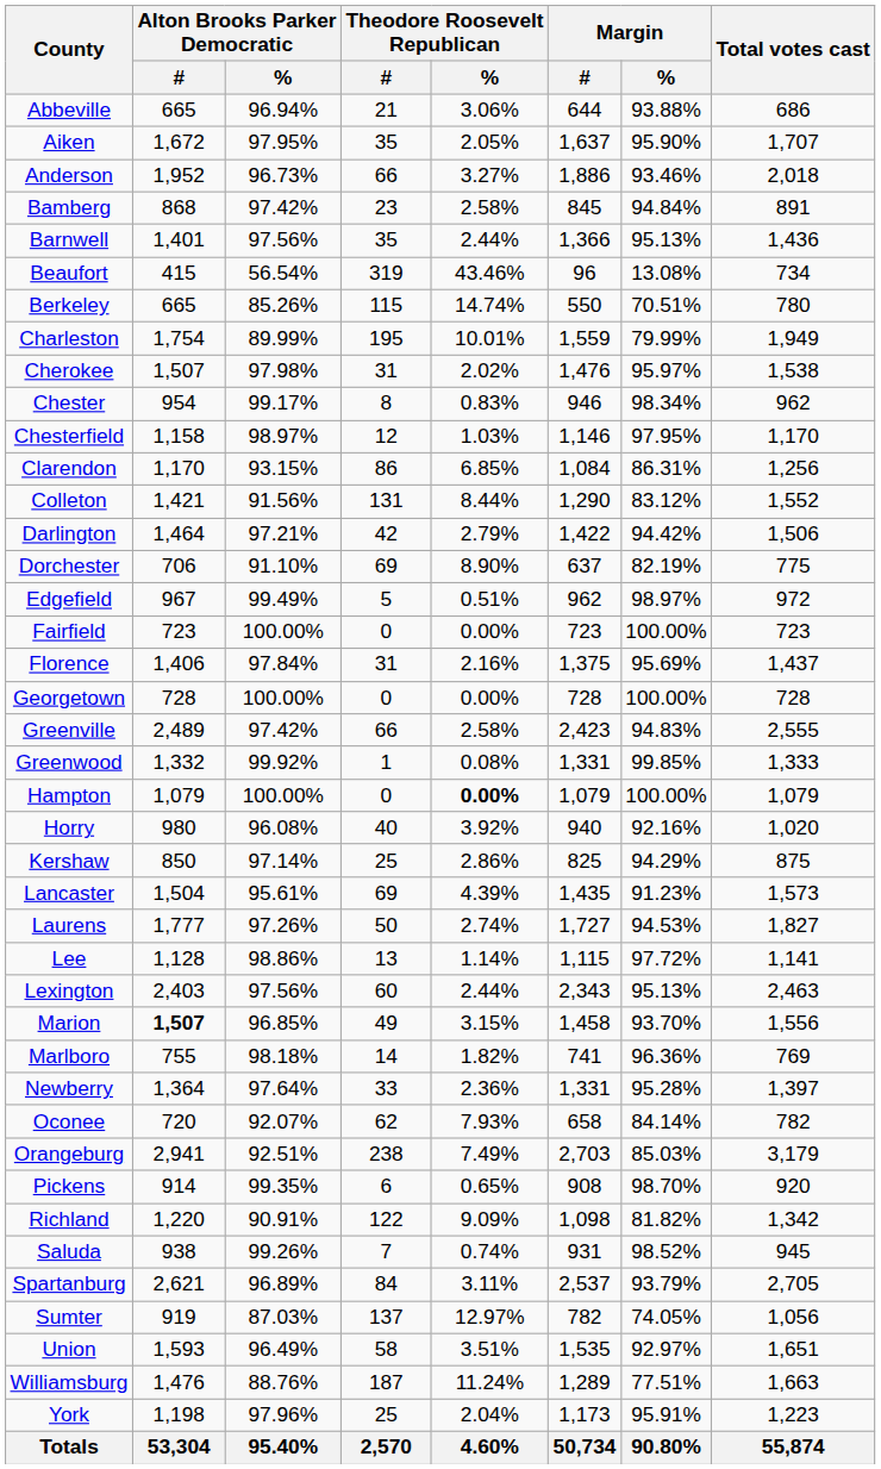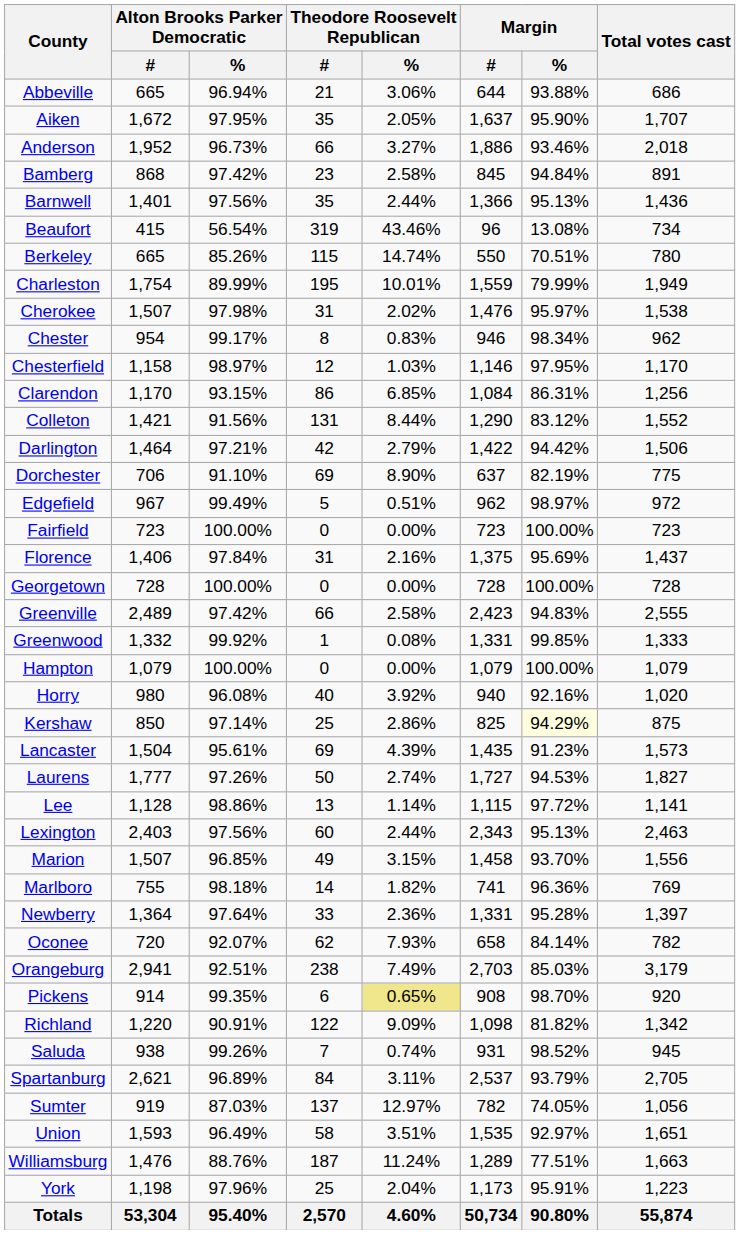 <table class="wikitable sortable mw-collapsible mw-collapsed">
 <tr>
 <th rowspan="2">County</th>
 <th colspan="2">Alton Brooks Parker<br>Democratic</th>
 <th colspan="2">Theodore Roosevelt<br>Republican</th>
 <th colspan="2">Margin</th>
 <th rowspan="2" data-sort-type="number">Total votes cast</th>
 </tr>
 <tr>
 <th data-sort-type="number">#</th>
 <th data-sort-type="number">%</th>
 <th data-sort-type="number">#</th>
 <th data-sort-type="number">%</th>
 <th data-sort-type="number">#</th>
 <th data-sort-type="number">%</th>
 </tr>
 <tr style="text-align:center;">
 <td><a href='#'>Abbeville</a></td>
 <td>665</td>
 <td>96.94%</td>
 <td>21</td>
 <td>3.06%</td>
 <td>644</td>
 <td>93.88%</td>
 <td>686</td>
 </tr>
 <tr style="text-align:center;">
 <td><a href='#'>Aiken</a></td>
 <td>1,672</td>
 <td>97.95%</td>
 <td>35</td>
 <td>2.05%</td>
 <td>1,637</td>
 <td>95.90%</td>
 <td>1,707</td>
 </tr>
 <tr style="text-align:center;">
 <td><a href='#'>Anderson</a></td>
 <td>1,952</td>
 <td>96.73%</td>
 <td>66</td>
 <td>3.27%</td>
 <td>1,886</td>
 <td>93.46%</td>
 <td>2,018</td>
 </tr>
 <tr style="text-align:center;">
 <td><a href='#'>Bamberg</a></td>
 <td>868</td>
 <td>97.42%</td>
 <td>23</td>
 <td>2.58%</td>
 <td>845</td>
 <td>94.84%</td>
 <td>891</td>
 </tr>
 <tr style="text-align:center;">
 <td><a href='#'>Barnwell</a></td>
 <td>1,401</td>
 <td>97.56%</td>
 <td>35</td>
 <td>2.44%</td>
 <td>1,366</td>
 <td>95.13%</td>
 <td>1,436</td>
 </tr>
 <tr style="text-align:center;">
 <td><a href='#'>Beaufort</a></td>
 <td>415</td>
 <td>56.54%</td>
 <td>319</td>
 <td>43.46%</td>
 <td>96</td>
 <td>13.08%</td>
 <td>734</td>
 </tr>
 <tr style="text-align:center;">
 <td><a href='#'>Berkeley</a></td>
 <td>665</td>
 <td>85.26%</td>
 <td>115</td>
 <td>14.74%</td>
 <td>550</td>
 <td>70.51%</td>
 <td>780</td>
 </tr>
 <tr style="text-align:center;">
 <td><a href='#'>Charleston</a></td>
 <td>1,754</td>
 <td>89.99%</td>
 <td>195</td>
 <td>10.01%</td>
 <td>1,559</td>
 <td>79.99%</td>
 <td>1,949</td>
 </tr>
 <tr style="text-align:center;">
 <td><a href='#'>Cherokee</a></td>
 <td>1,507</td>
 <td>97.98%</td>
 <td>31</td>
 <td>2.02%</td>
 <td>1,476</td>
 <td>95.97%</td>
 <td>1,538</td>
 </tr>
 <tr style="text-align:center;">
 <td><a href='#'>Chester</a></td>
 <td>954</td>
 <td>99.17%</td>
 <td>8</td>
 <td>0.83%</td>
 <td>946</td>
 <td>98.34%</td>
 <td>962</td>
 </tr>
 <tr style="text-align:center;">
 <td><a href='#'>Chesterfield</a></td>
 <td>1,158</td>
 <td>98.97%</td>
 <td>12</td>
 <td>1.03%</td>
 <td>1,146</td>
 <td>97.95%</td>
 <td>1,170</td>
 </tr>
 <tr style="text-align:center;">
 <td><a href='#'>Clarendon</a></td>
 <td>1,170</td>
 <td>93.15%</td>
 <td>86</td>
 <td>6.85%</td>
 <td>1,084</td>
 <td>86.31%</td>
 <td>1,256</td>
 </tr>
 <tr style="text-align:center;">
 <td><a href='#'>Colleton</a></td>
 <td>1,421</td>
 <td>91.56%</td>
 <td>131</td>
 <td>8.44%</td>
 <td>1,290</td>
 <td>83.12%</td>
 <td>1,552</td>
 </tr>
 <tr style="text-align:center;">
 <td><a href='#'>Darlington</a></td>
 <td>1,464</td>
 <td>97.21%</td>
 <td>42</td>
 <td>2.79%</td>
 <td>1,422</td>
 <td>94.42%</td>
 <td>1,506</td>
 </tr>
 <tr style="text-align:center;">
 <td><a href='#'>Dorchester</a></td>
 <td>706</td>
 <td>91.10%</td>
 <td>69</td>
 <td>8.90%</td>
 <td>637</td>
 <td>82.19%</td>
 <td>775</td>
 </tr>
 <tr style="text-align:center;">
 <td><a href='#'>Edgefield</a></td>
 <td>967</td>
 <td>99.49%</td>
 <td>5</td>
 <td>0.51%</td>
 <td>962</td>
 <td>98.97%</td>
 <td>972</td>
 </tr>
 <tr style="text-align:center;">
 <td><a href='#'>Fairfield</a></td>
 <td>723</td>
 <td>100.00%</td>
 <td>0</td>
 <td>0.00%</td>
 <td>723</td>
 <td>100.00%</td>
 <td>723</td>
 </tr>
 <tr style="text-align:center;">
 <td><a href='#'>Florence</a></td>
 <td>1,406</td>
 <td>97.84%</td>
 <td>31</td>
 <td>2.16%</td>
 <td>1,375</td>
 <td>95.69%</td>
 <td>1,437</td>
 </tr>
 <tr style="text-align:center;">
 <td><a href='#'>Georgetown</a></td>
 <td>728</td>
 <td>100.00%</td>
 <td>0</td>
 <td>0.00%</td>
 <td>728</td>
 <td>100.00%</td>
 <td>728</td>
 </tr>
 <tr style="text-align:center;">
 <td><a href='#'>Greenville</a></td>
 <td>2,489</td>
 <td>97.42%</td>
 <td>66</td>
 <td>2.58%</td>
 <td>2,423</td>
 <td>94.83%</td>
 <td>2,555</td>
 </tr>
 <tr style="text-align:center;">
 <td><a href='#'>Greenwood</a></td>
 <td>1,332</td>
 <td>99.92%</td>
 <td>1</td>
 <td>0.08%</td>
 <td>1,331</td>
 <td>99.85%</td>
 <td>1,333</td>
 </tr>
 <tr style="text-align:center;">
 <td><a href='#'>Hampton</a></td>
 <td>1,079</td>
 <td>100.00%</td>
 <td>0</td>
-<td><strong>0.00%</strong></td>
+<td>0.00%</td>
 <td>1,079</td>
 <td>100.00%</td>
 <td>1,079</td>
 </tr>
 <tr style="text-align:center;">
 <td><a href='#'>Horry</a></td>
 <td>980</td>
 <td>96.08%</td>
 <td>40</td>
 <td>3.92%</td>
 <td>940</td>
 <td>92.16%</td>
 <td>1,020</td>
 </tr>
 <tr style="text-align:center;">
 <td><a href='#'>Kershaw</a></td>
 <td>850</td>
 <td>97.14%</td>
 <td>25</td>
 <td>2.86%</td>
 <td>825</td>
-<td>94.29%</td>
+<td style="background: lightyellow;">94.29%</td>
 <td>875</td>
 </tr>
 <tr style="text-align:center;">
 <td><a href='#'>Lancaster</a></td>
 <td>1,504</td>
 <td>95.61%</td>
 <td>69</td>
 <td>4.39%</td>
 <td>1,435</td>
 <td>91.23%</td>
 <td>1,573</td>
 </tr>
 <tr style="text-align:center;">
 <td><a href='#'>Laurens</a></td>
 <td>1,777</td>
 <td>97.26%</td>
 <td>50</td>
 <td>2.74%</td>
 <td>1,727</td>
 <td>94.53%</td>
 <td>1,827</td>
 </tr>
 <tr style="text-align:center;">
 <td><a href='#'>Lee</a></td>
 <td>1,128</td>
 <td>98.86%</td>
 <td>13</td>
 <td>1.14%</td>
 <td>1,115</td>
 <td>97.72%</td>
 <td>1,141</td>
 </tr>
 <tr style="text-align:center;">
 <td><a href='#'>Lexington</a></td>
 <td>2,403</td>
 <td>97.56%</td>
 <td>60</td>
 <td>2.44%</td>
 <td>2,343</td>
 <td>95.13%</td>
 <td>2,463</td>
 </tr>
 <tr style="text-align:center;">
 <td><a href='#'>Marion</a></td>
-<td><strong>1,507</strong></td>
+<td>1,507</td>
 <td>96.85%</td>
 <td>49</td>
 <td>3.15%</td>
 <td>1,458</td>
 <td>93.70%</td>
 <td>1,556</td>
 </tr>
 <tr style="text-align:center;">
 <td><a href='#'>Marlboro</a></td>
 <td>755</td>
 <td>98.18%</td>
 <td>14</td>
 <td>1.82%</td>
 <td>741</td>
 <td>96.36%</td>
 <td>769</td>
 </tr>
 <tr style="text-align:center;">
 <td><a href='#'>Newberry</a></td>
 <td>1,364</td>
 <td>97.64%</td>
 <td>33</td>
 <td>2.36%</td>
 <td>1,331</td>
 <td>95.28%</td>
 <td>1,397</td>
 </tr>
 <tr style="text-align:center;">
 <td><a href='#'>Oconee</a></td>
 <td>720</td>
 <td>92.07%</td>
 <td>62</td>
 <td>7.93%</td>
 <td>658</td>
 <td>84.14%</td>
 <td>782</td>
 </tr>
 <tr style="text-align:center;">
 <td><a href='#'>Orangeburg</a></td>
 <td>2,941</td>
 <td>92.51%</td>
 <td>238</td>
 <td>7.49%</td>
 <td>2,703</td>
 <td>85.03%</td>
 <td>3,179</td>
 </tr>
 <tr style="text-align:center;">
 <td><a href='#'>Pickens</a></td>
 <td>914</td>
 <td>99.35%</td>
 <td>6</td>
-<td>0.65%</td>
+<td style="background: khaki;">0.65%</td>
 <td>908</td>
 <td>98.70%</td>
 <td>920</td>
 </tr>
 <tr style="text-align:center;">
 <td><a href='#'>Richland</a></td>
 <td>1,220</td>
 <td>90.91%</td>
 <td>122</td>
 <td>9.09%</td>
 <td>1,098</td>
 <td>81.82%</td>
 <td>1,342</td>
 </tr>
 <tr style="text-align:center;">
 <td><a href='#'>Saluda</a></td>
 <td>938</td>
 <td>99.26%</td>
 <td>7</td>
 <td>0.74%</td>
 <td>931</td>
 <td>98.52%</td>
 <td>945</td>
 </tr>
 <tr style="text-align:center;">
 <td><a href='#'>Spartanburg</a></td>
 <td>2,621</td>
 <td>96.89%</td>
 <td>84</td>
 <td>3.11%</td>
 <td>2,537</td>
 <td>93.79%</td>
 <td>2,705</td>
 </tr>
 <tr style="text-align:center;">
 <td><a href='#'>Sumter</a></td>
 <td>919</td>
 <td>87.03%</td>
 <td>137</td>
 <td>12.97%</td>
 <td>782</td>
 <td>74.05%</td>
 <td>1,056</td>
 </tr>
 <tr style="text-align:center;">
 <td><a href='#'>Union</a></td>
 <td>1,593</td>
 <td>96.49%</td>
 <td>58</td>
 <td>3.51%</td>
 <td>1,535</td>
 <td>92.97%</td>
 <td>1,651</td>
 </tr>
 <tr style="text-align:center;">
 <td><a href='#'>Williamsburg</a></td>
 <td>1,476</td>
 <td>88.76%</td>
 <td>187</td>
 <td>11.24%</td>
 <td>1,289</td>
 <td>77.51%</td>
 <td>1,663</td>
 </tr>
 <tr style="text-align:center;">
 <td><a href='#'>York</a></td>
 <td>1,198</td>
 <td>97.96%</td>
 <td>25</td>
 <td>2.04%</td>
 <td>1,173</td>
 <td>95.91%</td>
 <td>1,223</td>
 </tr>
 <tr style="text-align:center;">
 <th>Totals</th>
 <th>53,304</th>
 <th>95.40%</th>
 <th>2,570</th>
 <th>4.60%</th>
 <th>50,734</th>
 <th>90.80%</th>
 <th>55,874</th>
 </tr>
 </table>
